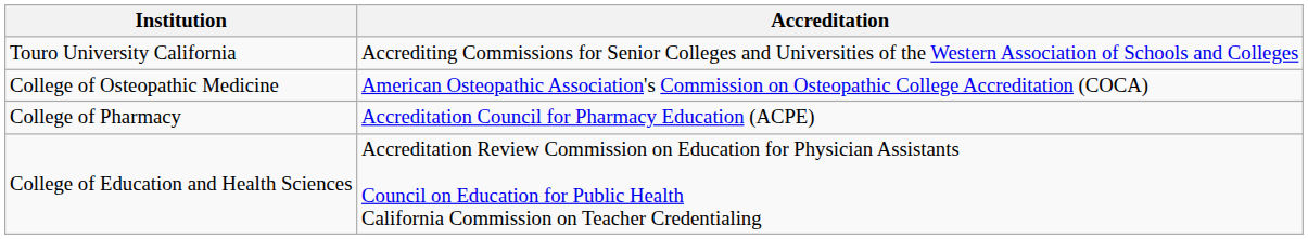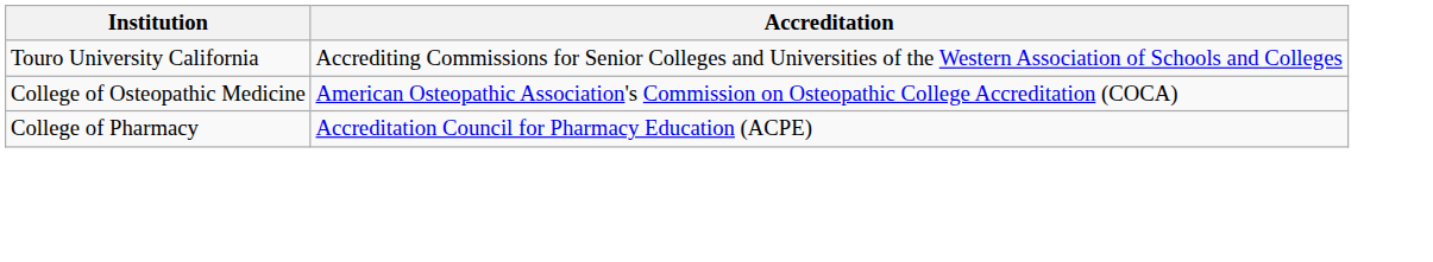 <table class="wikitable">
 <tr>
 <th>Institution</th>
 <th>Accreditation</th>
 </tr>
 <tr>
 <td>Touro University California</td>
 <td>Accrediting Commissions for Senior Colleges and Universities of the <a href='#'>Western Association of Schools and Colleges</a></td>
 </tr>
 <tr>
 <td>College of Osteopathic Medicine</td>
 <td><a href='#'>American Osteopathic Association</a>'s <a href='#'>Commission on Osteopathic College Accreditation</a> (COCA)</td>
 </tr>
 <tr>
 <td>College of Pharmacy</td>
 <td><a href='#'>Accreditation Council for Pharmacy Education</a> (ACPE)</td>
 </tr>
-<tr>
-<td>College of Education and Health Sciences</td>
-<td>Accreditation Review Commission on Education for Physician Assistants<br><br><a href='#'>Council on Education for Public Health</a><br>  California Commission on Teacher Credentialing</td>
-</tr>
 </table>
